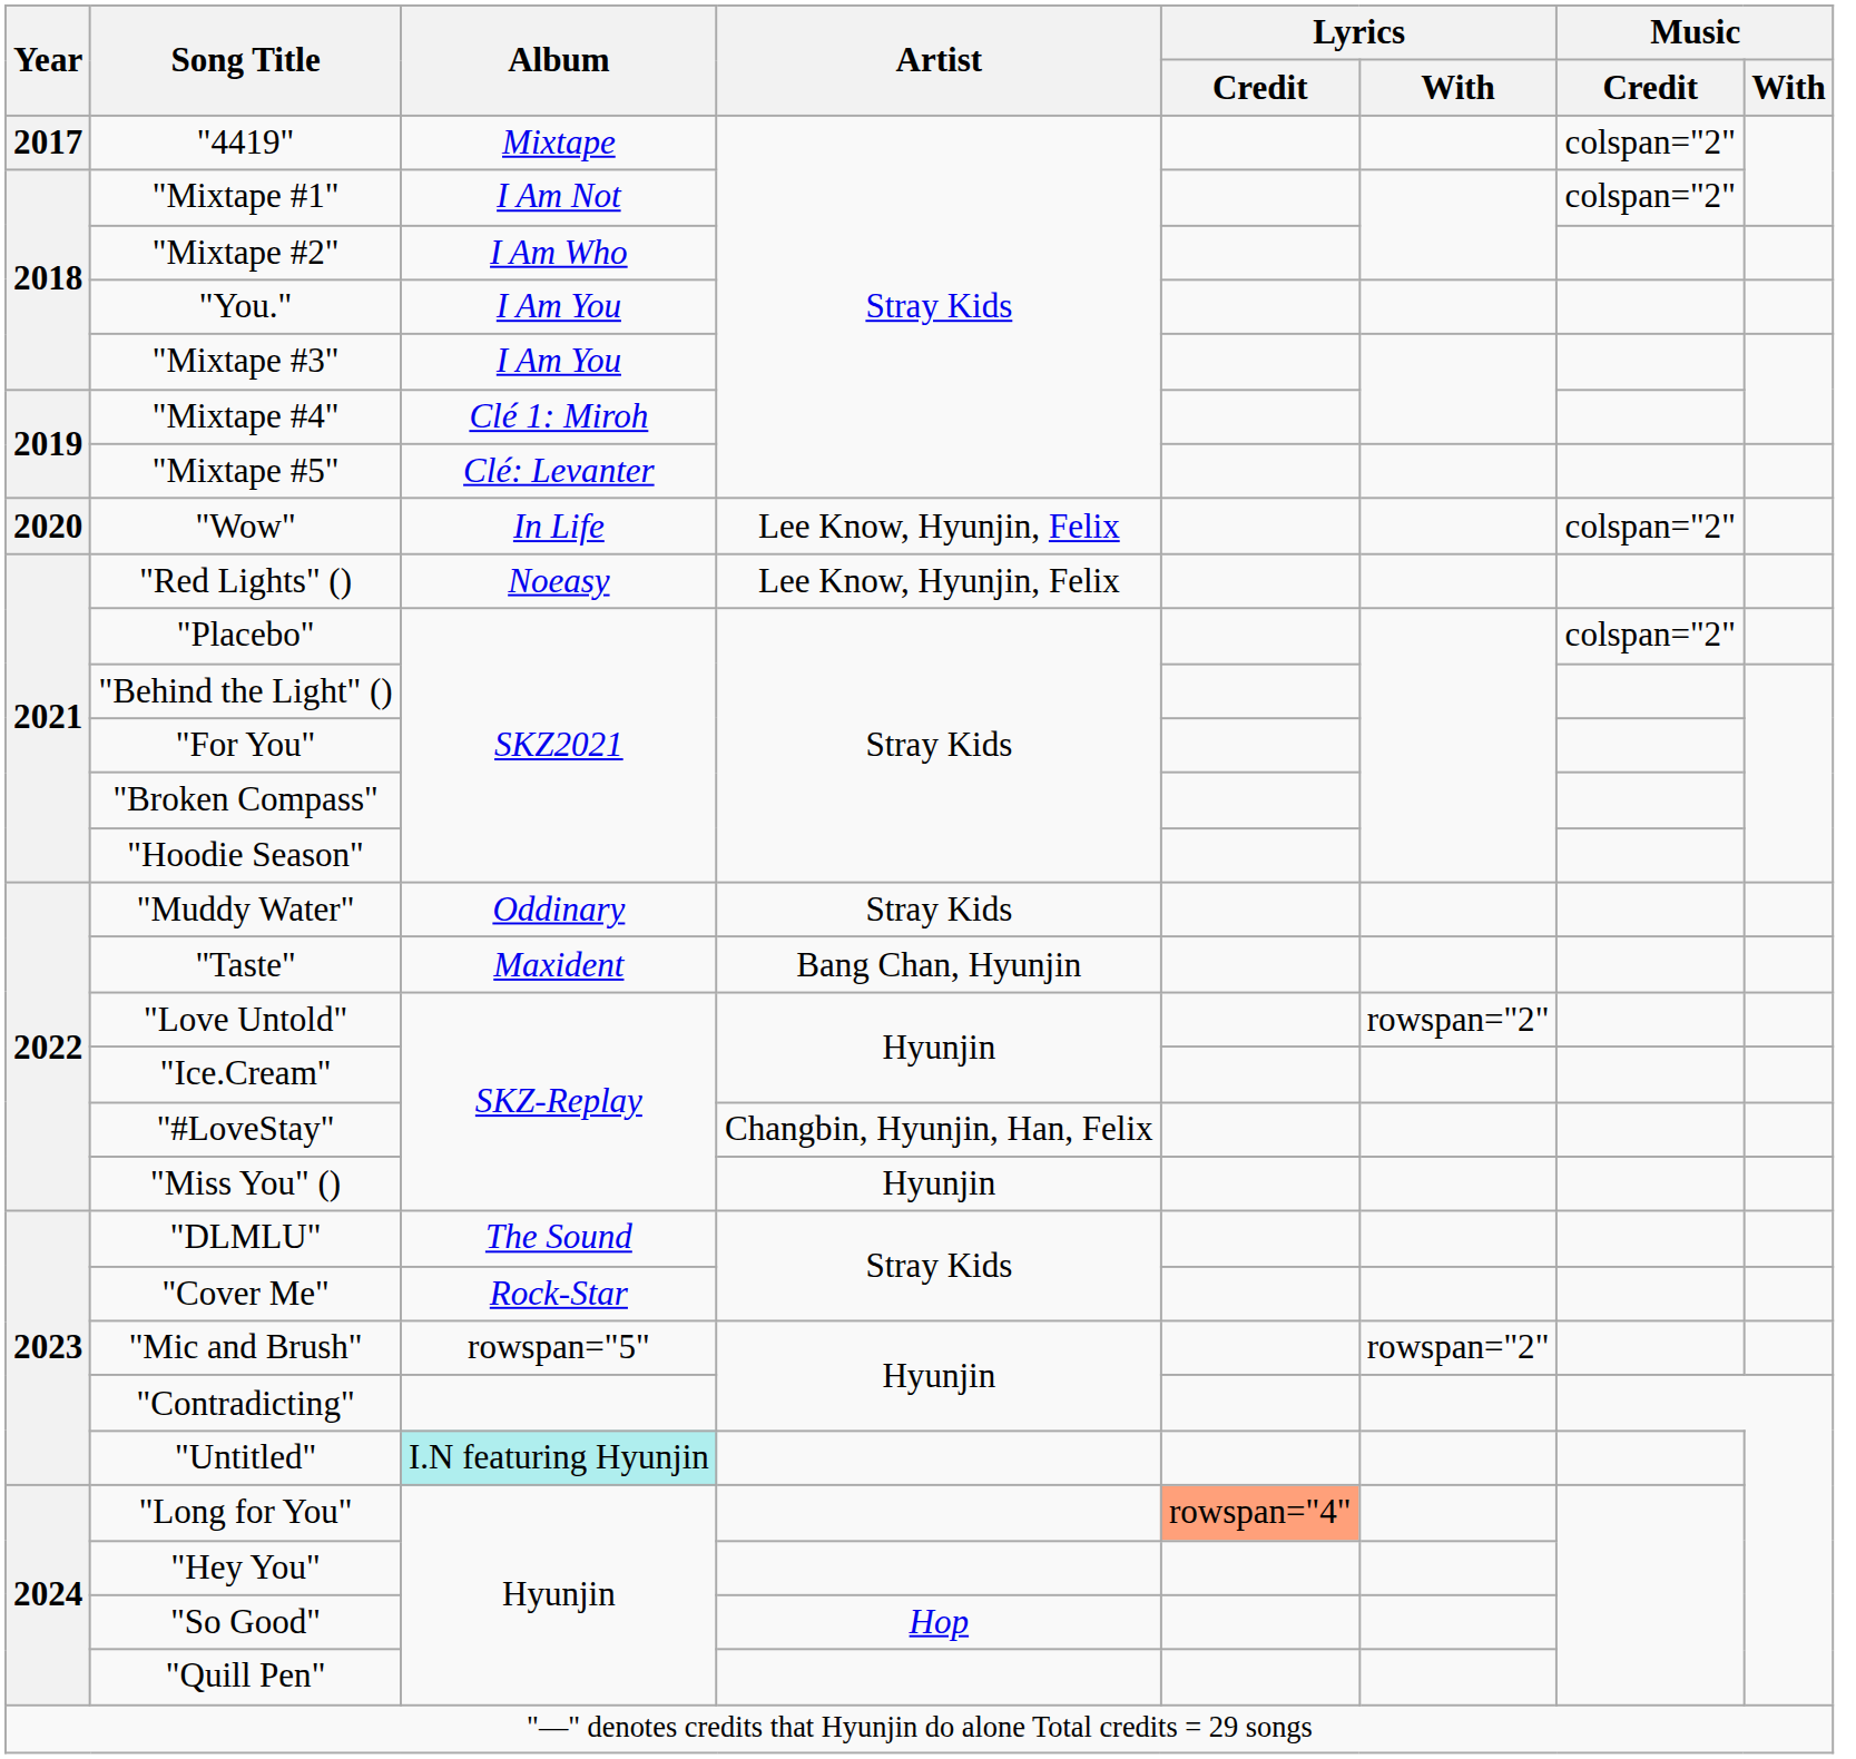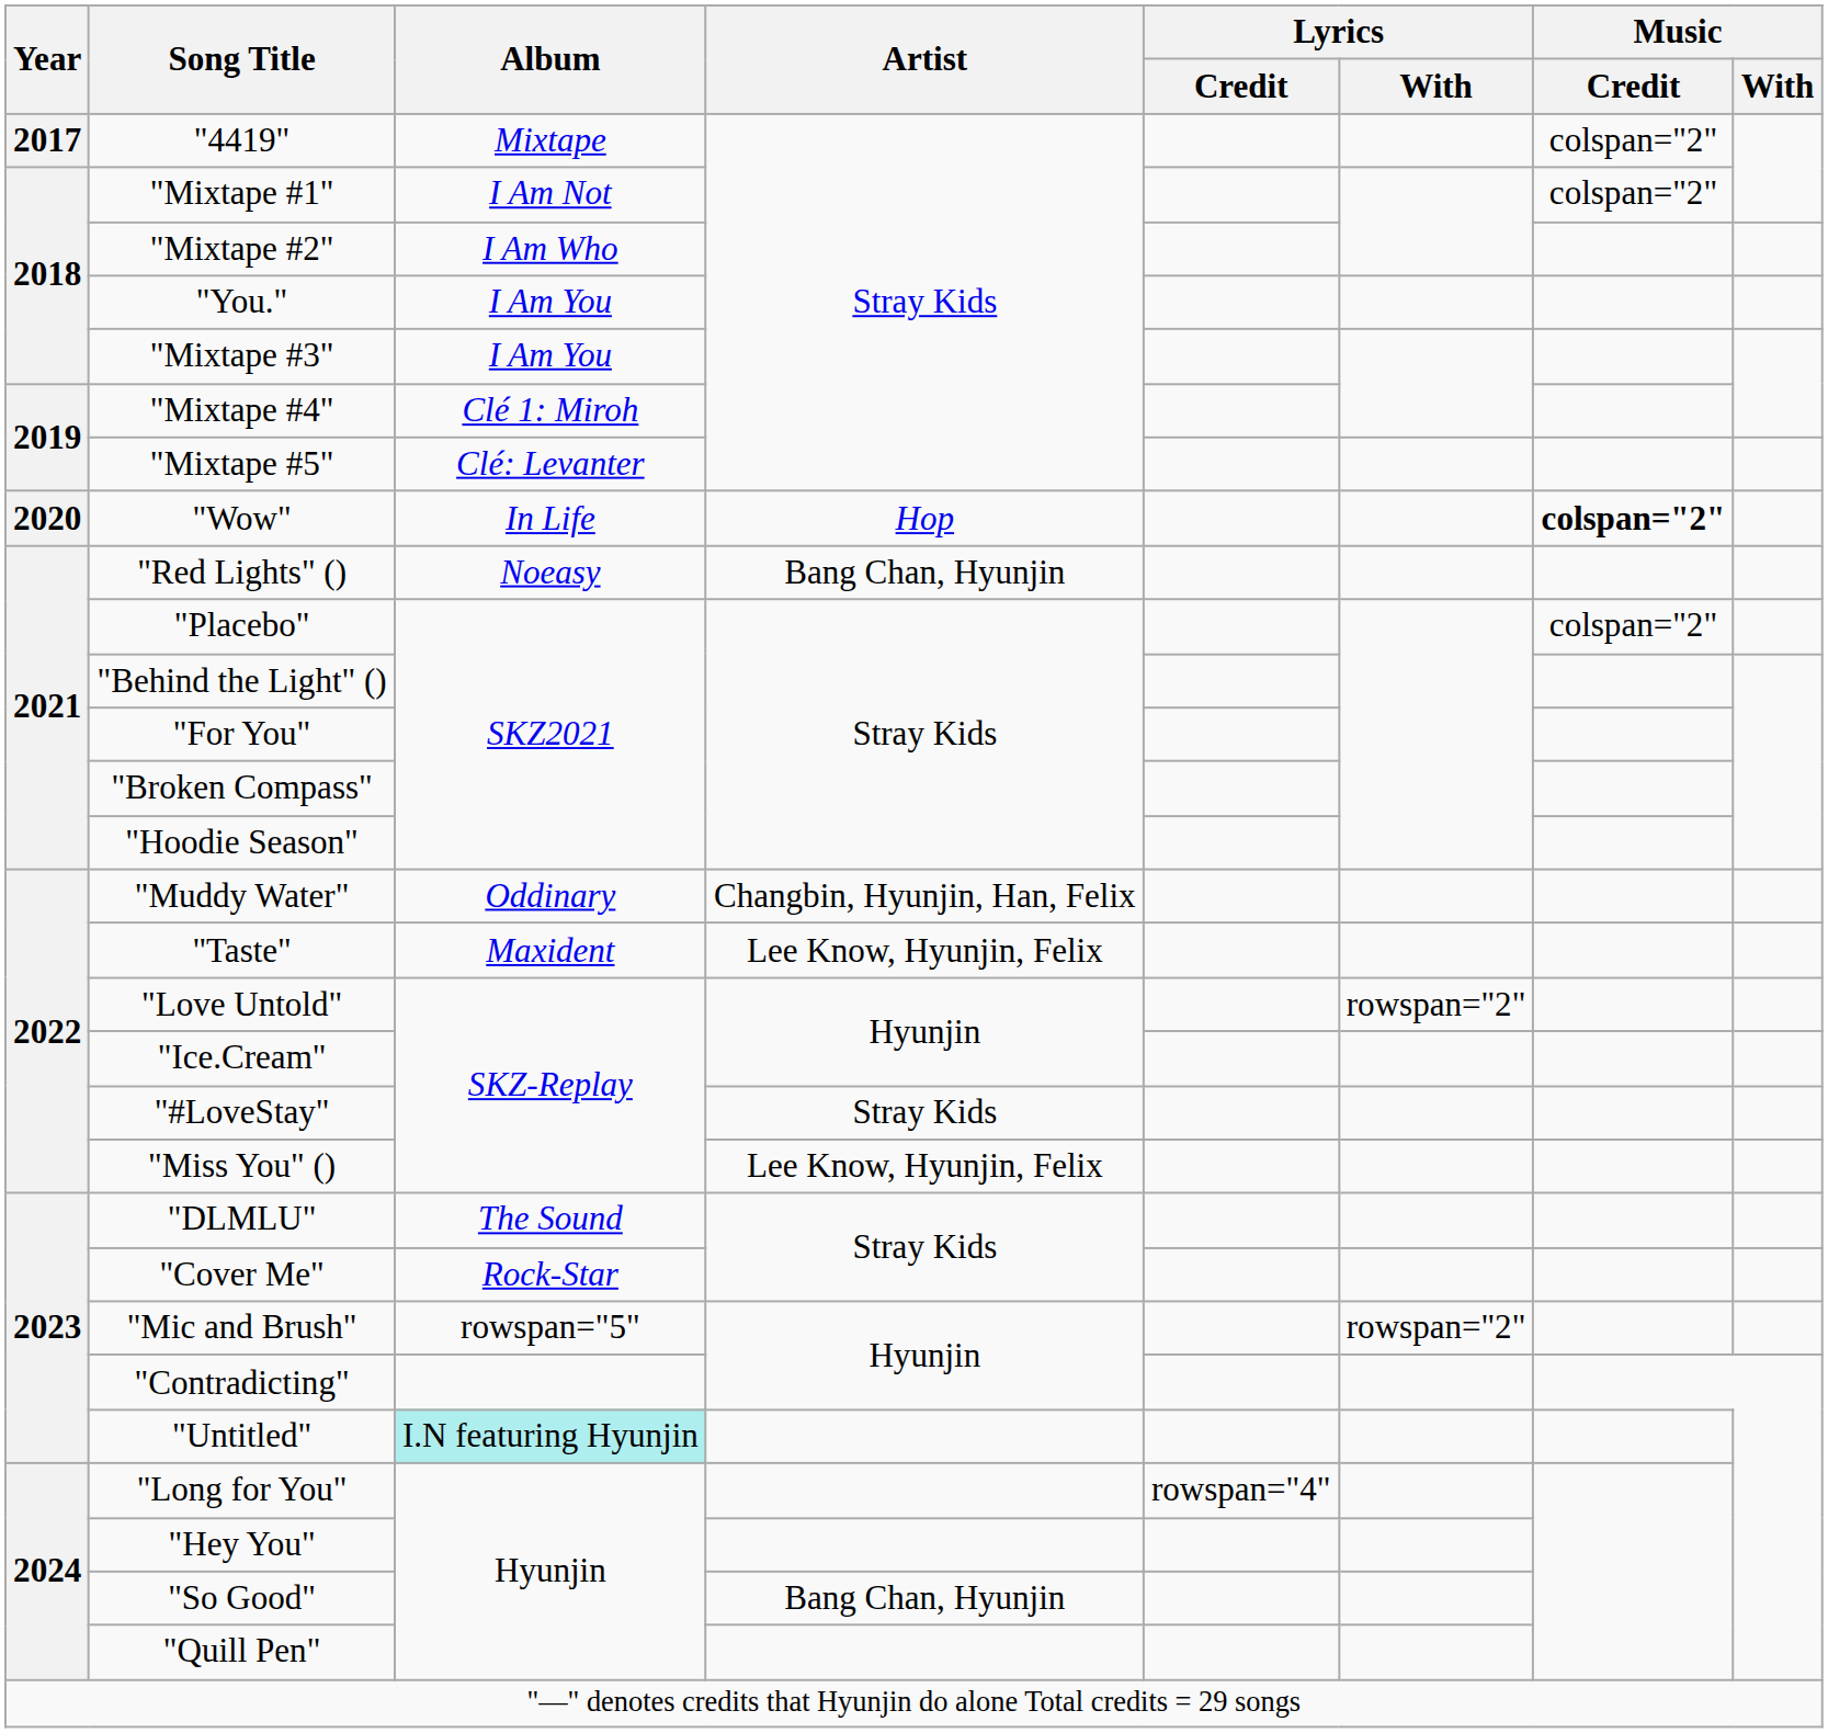 <table class="wikitable plainrowheaders" style="text-align:center">
 <tr>
 <th scope="col" rowspan="2">Year</th>
 <th scope="col" rowspan="2">Song Title</th>
 <th scope="col" rowspan="2">Album</th>
 <th scope="col" rowspan="2">Artist</th>
 <th scope="col" colspan="2">Lyrics</th>
 <th scope="col" colspan="2">Music</th>
 </tr>
 <tr>
 <th scope="col">Credit</th>
 <th scope="col">With</th>
 <th scope="col">Credit</th>
 <th scope="col">With</th>
 </tr>
 <tr>
 <th scope="row">2017</th>
 <td>"4419"</td>
 <td><em><a href='#'>Mixtape</a></em></td>
 <td rowspan="7"><a href='#'>Stray Kids</a></td>
 <td></td>
 <td></td>
 <td>colspan="2" </td>
 </tr>
 <tr>
 <th scope="row" rowspan="4">2018</th>
 <td>"Mixtape #1"</td>
 <td><em><a href='#'>I Am Not</a></em></td>
 <td></td>
 <td rowspan="2"></td>
 <td>colspan="2" </td>
 </tr>
 <tr>
 <td>"Mixtape #2"</td>
 <td><em><a href='#'>I Am Who</a></em></td>
 <td></td>
 <td></td>
 <td></td>
 </tr>
 <tr>
 <td>"You."</td>
 <td><em><a href='#'>I Am You</a></em></td>
 <td></td>
 <td></td>
 <td></td>
 <td></td>
 </tr>
 <tr>
 <td>"Mixtape #3"</td>
 <td><em><a href='#'>I Am You</a></em></td>
 <td></td>
 <td rowspan="2"></td>
 <td></td>
 <td rowspan="2"></td>
 </tr>
 <tr>
 <th scope="row" rowspan="2">2019</th>
 <td>"Mixtape #4"</td>
 <td><em><a href='#'>Clé 1: Miroh</a></em></td>
 <td></td>
 <td></td>
 </tr>
 <tr>
 <td>"Mixtape #5"</td>
 <td><em><a href='#'>Clé: Levanter</a></em></td>
 <td></td>
 <td></td>
 <td></td>
 <td></td>
 </tr>
 <tr>
 <th scope="row">2020</th>
 <td>"Wow"</td>
 <td><em><a href='#'>In Life</a></em></td>
-<td>Lee Know, Hyunjin, <a href='#'>Felix</a></td>
+<td><em><a href='#'>Hop</a></em></td>
 <td></td>
 <td></td>
-<td>colspan="2" </td>
+<td><strong>colspan="2" </strong></td>
 </tr>
 <tr>
 <th scope="row" rowspan="6">2021</th>
 <td>"Red Lights" ()</td>
 <td><em><a href='#'>Noeasy</a></em></td>
-<td>Lee Know, Hyunjin, Felix</td>
+<td>Bang Chan, Hyunjin</td>
 <td></td>
 <td></td>
 <td></td>
 <td></td>
 </tr>
 <tr>
 <td>"Placebo"</td>
 <td rowspan="5"><em><a href='#'>SKZ2021</a></em></td>
 <td rowspan="5">Stray Kids</td>
 <td></td>
 <td rowspan="5"></td>
 <td>colspan="2" </td>
 </tr>
 <tr>
 <td>"Behind the Light" ()</td>
 <td></td>
 <td></td>
 <td rowspan="4"></td>
 </tr>
 <tr>
 <td>"For You"</td>
 <td></td>
 <td></td>
 </tr>
 <tr>
 <td>"Broken Compass"</td>
 <td></td>
 <td></td>
 </tr>
 <tr>
 <td>"Hoodie Season"</td>
 <td></td>
 <td></td>
 </tr>
 <tr>
 <th scope="row" rowspan="6">2022</th>
 <td>"Muddy Water"</td>
 <td><em><a href='#'>Oddinary</a></em></td>
-<td>Stray Kids</td>
+<td>Changbin, Hyunjin, Han, Felix</td>
 <td></td>
 <td></td>
 <td></td>
 <td></td>
 </tr>
 <tr>
 <td>"Taste"</td>
 <td><em><a href='#'>Maxident</a></em></td>
-<td>Bang Chan, Hyunjin</td>
+<td>Lee Know, Hyunjin, Felix</td>
 <td></td>
 <td></td>
 <td></td>
 <td></td>
 </tr>
 <tr>
 <td>"Love Untold"</td>
 <td rowspan="4"><em><a href='#'>SKZ-Replay</a></em></td>
 <td rowspan="2">Hyunjin</td>
 <td></td>
 <td>rowspan="2" </td>
 <td></td>
 <td></td>
 </tr>
 <tr>
 <td>"Ice.Cream"</td>
 <td></td>
 <td></td>
 <td></td>
 </tr>
 <tr>
 <td>"#LoveStay"</td>
-<td>Changbin, Hyunjin, Han, Felix</td>
+<td>Stray Kids</td>
 <td></td>
 <td></td>
 <td></td>
 <td></td>
 </tr>
 <tr>
 <td>"Miss You" ()</td>
-<td>Hyunjin</td>
+<td>Lee Know, Hyunjin, Felix</td>
 <td></td>
 <td></td>
 <td></td>
 <td></td>
 </tr>
 <tr>
 <th scope="row" rowspan="5">2023</th>
 <td>"DLMLU"</td>
 <td><em><a href='#'>The Sound</a></em></td>
 <td rowspan="2">Stray Kids</td>
 <td></td>
 <td></td>
 <td></td>
 <td></td>
 </tr>
 <tr>
 <td>"Cover Me"</td>
 <td><em><a href='#'>Rock-Star</a></em></td>
 <td></td>
 <td></td>
 <td></td>
 <td></td>
 </tr>
 <tr>
 <td>"Mic and Brush"</td>
 <td>rowspan="5" </td>
 <td rowspan="2">Hyunjin</td>
 <td></td>
 <td>rowspan="2" </td>
 <td></td>
 <td></td>
 </tr>
 <tr>
 <td>"Contradicting"</td>
 <td></td>
 <td></td>
 <td></td>
 </tr>
 <tr>
 <td>"Untitled"</td>
 <td style="background: paleturquoise;">I.N featuring Hyunjin</td>
 <td></td>
 <td></td>
 <td></td>
 <td></td>
 </tr>
 <tr>
 <th scope="row" rowspan="4">2024</th>
 <td>"Long for You"</td>
 <td rowspan="4">Hyunjin</td>
 <td></td>
-<td style="background: lightsalmon;">rowspan="4" </td>
+<td>rowspan="4" </td>
 <td></td>
 <td rowspan="4"></td>
 </tr>
 <tr>
 <td>"Hey You"</td>
 <td></td>
 <td></td>
 </tr>
 <tr>
 <td>"So Good"</td>
-<td><em><a href='#'>Hop</a></em></td>
+<td>Bang Chan, Hyunjin</td>
 <td></td>
 <td></td>
 </tr>
 <tr>
 <td>"Quill Pen"</td>
 <td></td>
 <td></td>
 <td></td>
 </tr>
 <tr>
 <td colspan="8" style="font-size:85%">"—" denotes credits that Hyunjin do alone  Total credits = 29 songs</td>
 </tr>
 </table>
